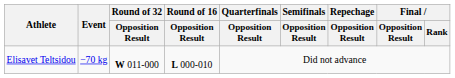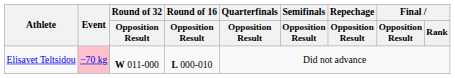 <table class="wikitable" style="text-align:center; font-size:90%">
 <tr>
 <th rowspan=2>Athlete</th>
 <th rowspan=2>Event</th>
 <th>Round of 32</th>
 <th>Round of 16</th>
 <th>Quarterfinals</th>
 <th>Semifinals</th>
 <th>Repechage</th>
 <th colspan=2>Final / </th>
 </tr>
 <tr style="font-size:95%">
 <th>Opposition<br>Result</th>
 <th>Opposition<br>Result</th>
 <th>Opposition<br>Result</th>
 <th>Opposition<br>Result</th>
 <th>Opposition<br>Result</th>
 <th>Opposition<br>Result</th>
 <th>Rank</th>
 </tr>
 <tr>
 <td align=left><a href='#'>Elisavet Teltsidou</a></td>
-<td align=left><a href='#'>−70 kg</a></td>
+<td align=left style="background: pink;"><a href='#'>−70 kg</a></td>
 <td><br><strong>W</strong> 011-000</td>
 <td><br><strong>L</strong> 000-010</td>
 <td colspan=5>Did not advance</td>
 </tr>
 </table>
